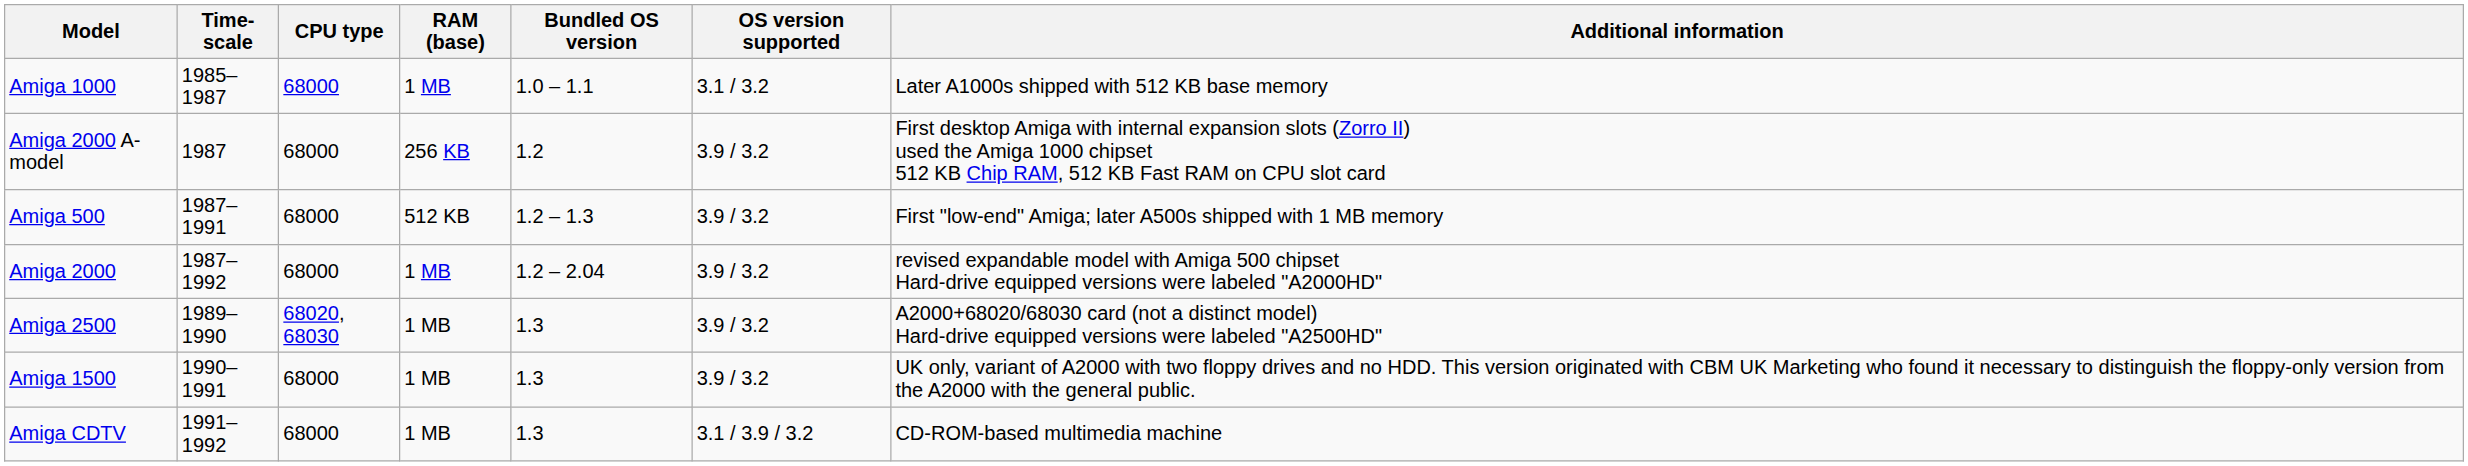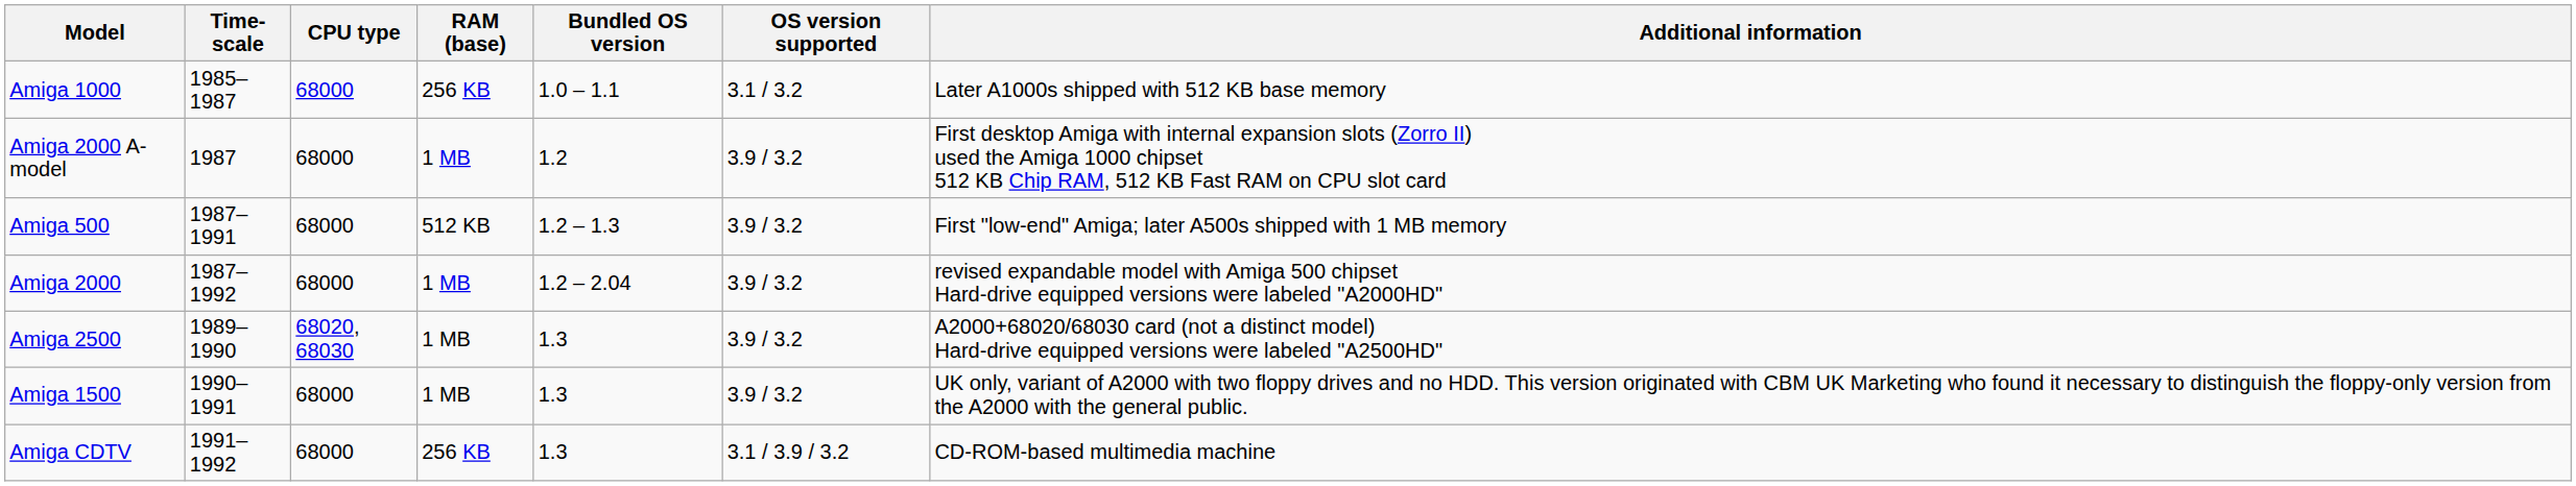 <table class="wikitable">
 <tr>
 <th>Model</th>
 <th>Time­scale</th>
 <th>CPU type</th>
 <th>RAM (base)</th>
 <th>Bundled OS version</th>
 <th>OS version supported</th>
 <th>Additional information</th>
 </tr>
 <tr>
 <td><a href='#'>Amiga 1000</a></td>
 <td>1985–1987</td>
 <td><a href='#'>68000</a></td>
-<td>1 <a href='#'>MB</a></td>
+<td>256 <a href='#'>KB</a></td>
 <td>1.0 – 1.1</td>
 <td>3.1 / 3.2</td>
 <td>Later A1000s shipped with 512 KB base memory</td>
 </tr>
 <tr>
 <td><a href='#'>Amiga 2000</a> A-model</td>
 <td>1987</td>
 <td>68000</td>
-<td>256 <a href='#'>KB</a></td>
+<td>1 <a href='#'>MB</a></td>
 <td>1.2</td>
 <td>3.9 / 3.2</td>
 <td>First desktop Amiga with internal expansion slots (<a href='#'>Zorro II</a>)<br>used the Amiga 1000 chipset<br>512 KB <a href='#'>Chip RAM</a>, 512 KB Fast RAM on CPU slot card</td>
 </tr>
 <tr>
 <td><a href='#'>Amiga 500</a></td>
 <td>1987–1991</td>
 <td>68000</td>
 <td>512 KB</td>
 <td>1.2 – 1.3</td>
 <td>3.9 / 3.2</td>
 <td>First "low-end" Amiga; later A500s shipped with 1 MB memory</td>
 </tr>
 <tr>
 <td><a href='#'>Amiga 2000</a></td>
 <td>1987–1992</td>
 <td>68000</td>
 <td>1 <a href='#'>MB</a></td>
 <td>1.2 – 2.04</td>
 <td>3.9 / 3.2</td>
 <td>revised expandable model with Amiga 500 chipset<br>Hard-drive equipped versions were labeled "A2000HD"</td>
 </tr>
 <tr>
 <td><a href='#'>Amiga 2500</a></td>
 <td>1989–1990</td>
 <td><a href='#'>68020</a>, <a href='#'>68030</a></td>
 <td>1 MB</td>
 <td>1.3</td>
 <td>3.9 / 3.2</td>
 <td>A2000+68020/68030 card (not a distinct model)<br>Hard-drive equipped versions were labeled "A2500HD"</td>
 </tr>
 <tr>
 <td><a href='#'>Amiga 1500</a></td>
 <td>1990–1991</td>
 <td>68000</td>
 <td>1 MB</td>
 <td>1.3</td>
 <td>3.9 / 3.2</td>
 <td>UK only, variant of A2000 with two floppy drives and no HDD. This version originated with CBM UK Marketing who found it necessary to distinguish the floppy-only version from the A2000 with the general public.</td>
 </tr>
 <tr>
 <td><a href='#'>Amiga CDTV</a></td>
 <td>1991–1992</td>
 <td>68000</td>
-<td>1 MB</td>
+<td>256 <a href='#'>KB</a></td>
 <td>1.3</td>
 <td>3.1 / 3.9 / 3.2</td>
 <td>CD-ROM-based multimedia machine</td>
 </tr>
 </table>
